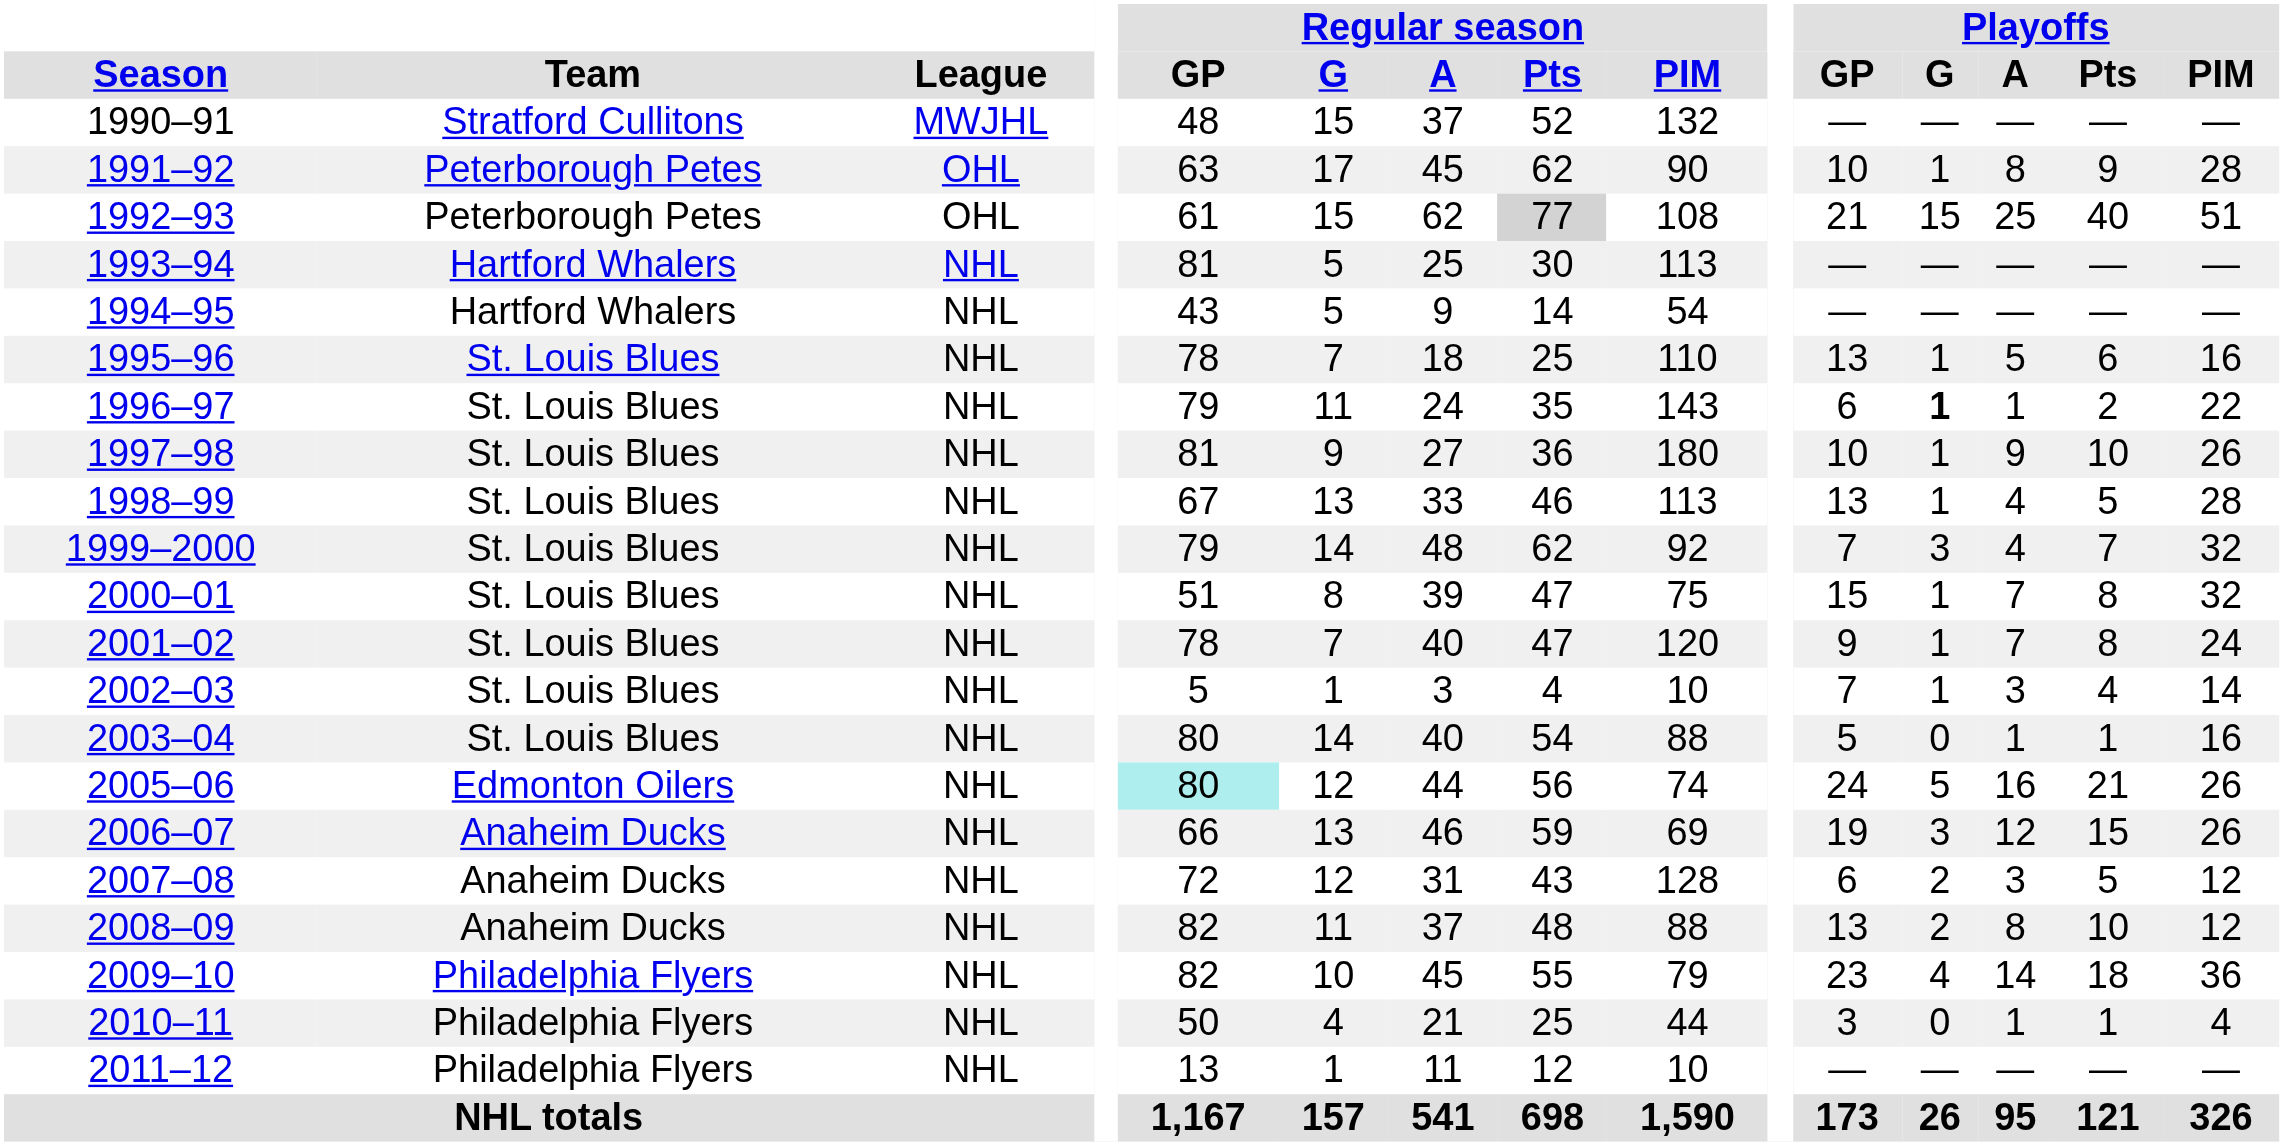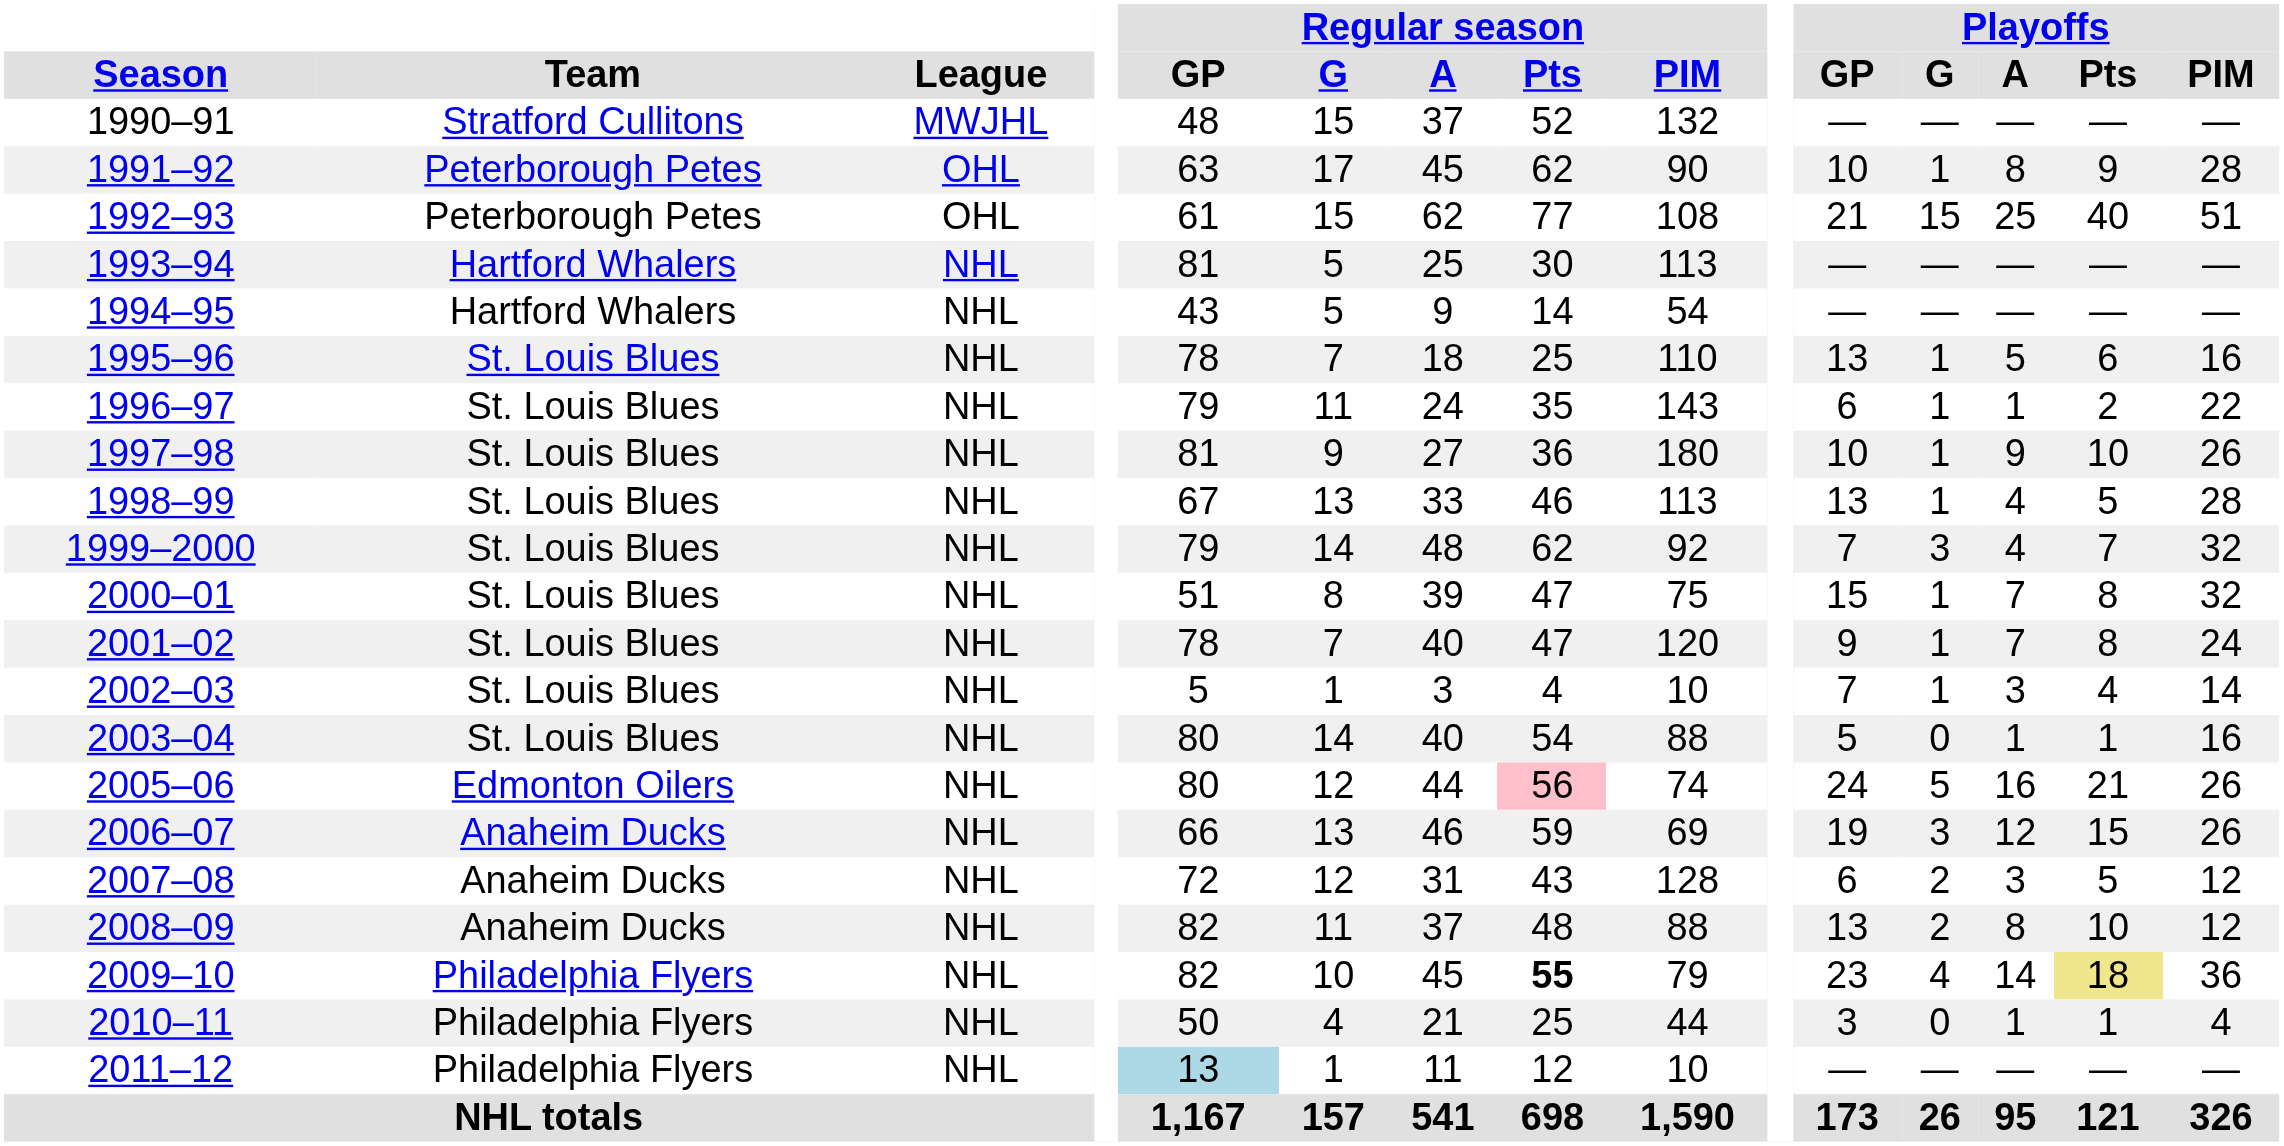 <table border="0" cellpadding="1" cellspacing="0" style="text-align:center; width:60em">
 <tr bgcolor="#e0e0e0">
 <th colspan="3" bgcolor="#ffffff"> </th>
 <th rowspan="99" bgcolor="#ffffff"> </th>
 <th colspan="5"><a href='#'>Regular season</a></th>
 <th rowspan="99" bgcolor="#ffffff"> </th>
 <th colspan="5"><a href='#'>Playoffs</a></th>
 </tr>
 <tr bgcolor="#e0e0e0">
 <th><a href='#'>Season</a></th>
 <th>Team</th>
 <th>League</th>
 <th>GP</th>
 <th><a href='#'>G</a></th>
 <th><a href='#'>A</a></th>
 <th><a href='#'>Pts</a></th>
 <th><a href='#'>PIM</a></th>
 <th>GP</th>
 <th>G</th>
 <th>A</th>
 <th>Pts</th>
 <th>PIM</th>
 </tr>
 <tr>
 <td>1990–91</td>
 <td><a href='#'>Stratford Cullitons</a></td>
 <td><a href='#'>MWJHL</a></td>
 <td>48</td>
 <td>15</td>
 <td>37</td>
 <td>52</td>
 <td>132</td>
 <td>—</td>
 <td>—</td>
 <td>—</td>
 <td>—</td>
 <td>—</td>
 </tr>
 <tr bgcolor="#f0f0f0">
 <td><a href='#'>1991–92</a></td>
 <td><a href='#'>Peterborough Petes</a></td>
 <td><a href='#'>OHL</a></td>
 <td>63</td>
 <td>17</td>
 <td>45</td>
 <td>62</td>
 <td>90</td>
 <td>10</td>
 <td>1</td>
 <td>8</td>
 <td>9</td>
 <td>28</td>
 </tr>
 <tr>
 <td><a href='#'>1992–93</a></td>
 <td>Peterborough Petes</td>
 <td>OHL</td>
 <td>61</td>
 <td>15</td>
 <td>62</td>
-<td style="background: lightgrey;">77</td>
+<td>77</td>
 <td>108</td>
 <td>21</td>
 <td>15</td>
 <td>25</td>
 <td>40</td>
 <td>51</td>
 </tr>
 <tr bgcolor="#f0f0f0">
 <td><a href='#'>1993–94</a></td>
 <td><a href='#'>Hartford Whalers</a></td>
 <td><a href='#'>NHL</a></td>
 <td>81</td>
 <td>5</td>
 <td>25</td>
 <td>30</td>
 <td>113</td>
 <td>—</td>
 <td>—</td>
 <td>—</td>
 <td>—</td>
 <td>—</td>
 </tr>
 <tr>
 <td><a href='#'>1994–95</a></td>
 <td>Hartford Whalers</td>
 <td>NHL</td>
 <td>43</td>
 <td>5</td>
 <td>9</td>
 <td>14</td>
 <td>54</td>
 <td>—</td>
 <td>—</td>
 <td>—</td>
 <td>—</td>
 <td>—</td>
 </tr>
 <tr bgcolor="#f0f0f0">
 <td><a href='#'>1995–96</a></td>
 <td><a href='#'>St. Louis Blues</a></td>
 <td>NHL</td>
 <td>78</td>
 <td>7</td>
 <td>18</td>
 <td>25</td>
 <td>110</td>
 <td>13</td>
 <td>1</td>
 <td>5</td>
 <td>6</td>
 <td>16</td>
 </tr>
 <tr>
 <td><a href='#'>1996–97</a></td>
 <td>St. Louis Blues</td>
 <td>NHL</td>
 <td>79</td>
 <td>11</td>
 <td>24</td>
 <td>35</td>
 <td>143</td>
 <td>6</td>
-<td><strong>1</strong></td>
+<td>1</td>
 <td>1</td>
 <td>2</td>
 <td>22</td>
 </tr>
 <tr bgcolor="#f0f0f0">
 <td><a href='#'>1997–98</a></td>
 <td>St. Louis Blues</td>
 <td>NHL</td>
 <td>81</td>
 <td>9</td>
 <td>27</td>
 <td>36</td>
 <td>180</td>
 <td>10</td>
 <td>1</td>
 <td>9</td>
 <td>10</td>
 <td>26</td>
 </tr>
 <tr>
 <td><a href='#'>1998–99</a></td>
 <td>St. Louis Blues</td>
 <td>NHL</td>
 <td>67</td>
 <td>13</td>
 <td>33</td>
 <td>46</td>
 <td>113</td>
 <td>13</td>
 <td>1</td>
 <td>4</td>
 <td>5</td>
 <td>28</td>
 </tr>
 <tr bgcolor="#f0f0f0">
 <td><a href='#'>1999–2000</a></td>
 <td>St. Louis Blues</td>
 <td>NHL</td>
 <td>79</td>
 <td>14</td>
 <td>48</td>
 <td>62</td>
 <td>92</td>
 <td>7</td>
 <td>3</td>
 <td>4</td>
 <td>7</td>
 <td>32</td>
 </tr>
 <tr>
 <td><a href='#'>2000–01</a></td>
 <td>St. Louis Blues</td>
 <td>NHL</td>
 <td>51</td>
 <td>8</td>
 <td>39</td>
 <td>47</td>
 <td>75</td>
 <td>15</td>
 <td>1</td>
 <td>7</td>
 <td>8</td>
 <td>32</td>
 </tr>
 <tr bgcolor="#f0f0f0">
 <td><a href='#'>2001–02</a></td>
 <td>St. Louis Blues</td>
 <td>NHL</td>
 <td>78</td>
 <td>7</td>
 <td>40</td>
 <td>47</td>
 <td>120</td>
 <td>9</td>
 <td>1</td>
 <td>7</td>
 <td>8</td>
 <td>24</td>
 </tr>
 <tr>
 <td><a href='#'>2002–03</a></td>
 <td>St. Louis Blues</td>
 <td>NHL</td>
 <td>5</td>
 <td>1</td>
 <td>3</td>
 <td>4</td>
 <td>10</td>
 <td>7</td>
 <td>1</td>
 <td>3</td>
 <td>4</td>
 <td>14</td>
 </tr>
 <tr bgcolor="#f0f0f0">
 <td><a href='#'>2003–04</a></td>
 <td>St. Louis Blues</td>
 <td>NHL</td>
 <td>80</td>
 <td>14</td>
 <td>40</td>
 <td>54</td>
 <td>88</td>
 <td>5</td>
 <td>0</td>
 <td>1</td>
 <td>1</td>
 <td>16</td>
 </tr>
 <tr>
 <td><a href='#'>2005–06</a></td>
 <td><a href='#'>Edmonton Oilers</a></td>
 <td>NHL</td>
-<td style="background: paleturquoise;">80</td>
+<td>80</td>
 <td>12</td>
 <td>44</td>
-<td>56</td>
+<td style="background: pink;">56</td>
 <td>74</td>
 <td>24</td>
 <td>5</td>
 <td>16</td>
 <td>21</td>
 <td>26</td>
 </tr>
 <tr bgcolor="#f0f0f0">
 <td><a href='#'>2006–07</a></td>
 <td><a href='#'>Anaheim Ducks</a></td>
 <td>NHL</td>
 <td>66</td>
 <td>13</td>
 <td>46</td>
 <td>59</td>
 <td>69</td>
 <td>19</td>
 <td>3</td>
 <td>12</td>
 <td>15</td>
 <td>26</td>
 </tr>
 <tr>
 <td><a href='#'>2007–08</a></td>
 <td>Anaheim Ducks</td>
 <td>NHL</td>
 <td>72</td>
 <td>12</td>
 <td>31</td>
 <td>43</td>
 <td>128</td>
 <td>6</td>
 <td>2</td>
 <td>3</td>
 <td>5</td>
 <td>12</td>
 </tr>
 <tr bgcolor="#f0f0f0">
 <td><a href='#'>2008–09</a></td>
 <td>Anaheim Ducks</td>
 <td>NHL</td>
 <td>82</td>
 <td>11</td>
 <td>37</td>
 <td>48</td>
 <td>88</td>
 <td>13</td>
 <td>2</td>
 <td>8</td>
 <td>10</td>
 <td>12</td>
 </tr>
 <tr>
 <td><a href='#'>2009–10</a></td>
 <td><a href='#'>Philadelphia Flyers</a></td>
 <td>NHL</td>
 <td>82</td>
 <td>10</td>
 <td>45</td>
-<td>55</td>
+<td><strong>55</strong></td>
 <td>79</td>
 <td>23</td>
 <td>4</td>
 <td>14</td>
-<td>18</td>
+<td style="background: khaki;">18</td>
 <td>36</td>
 </tr>
 <tr bgcolor="#f0f0f0">
 <td><a href='#'>2010–11</a></td>
 <td>Philadelphia Flyers</td>
 <td>NHL</td>
 <td>50</td>
 <td>4</td>
 <td>21</td>
 <td>25</td>
 <td>44</td>
 <td>3</td>
 <td>0</td>
 <td>1</td>
 <td>1</td>
 <td>4</td>
 </tr>
 <tr>
 <td><a href='#'>2011–12</a></td>
 <td>Philadelphia Flyers</td>
 <td>NHL</td>
-<td>13</td>
+<td style="background: lightblue;">13</td>
 <td>1</td>
 <td>11</td>
 <td>12</td>
 <td>10</td>
 <td>—</td>
 <td>—</td>
 <td>—</td>
 <td>—</td>
 <td>—</td>
 </tr>
 <tr bgcolor="#e0e0e0">
 <th colspan="3">NHL totals</th>
 <th>1,167</th>
 <th>157</th>
 <th>541</th>
 <th>698</th>
 <th>1,590</th>
 <th>173</th>
 <th>26</th>
 <th>95</th>
 <th>121</th>
 <th>326</th>
 </tr>
 </table>
